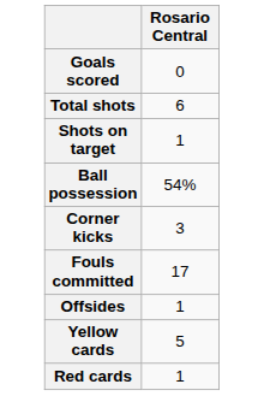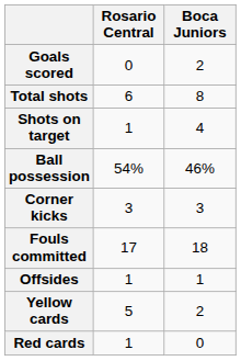 <table class="wikitable" style="text-align: center; margin: 0 auto;">
 <tr>
 <th scope="col" style="width:70px"></th>
 <th scope="col" style="width:70px">Rosario Central</th>
+<th scope="col" style="width:70px">Boca Juniors</th>
 </tr>
 <tr>
 <th scope=row>Goals scored</th>
 <td>0</td>
+<td>2</td>
 </tr>
 <tr>
 <th scope=row>Total shots</th>
 <td>6</td>
+<td>8</td>
 </tr>
 <tr>
 <th scope=row>Shots on target</th>
 <td>1</td>
+<td>4</td>
 </tr>
 <tr>
 <th scope=row>Ball possession</th>
 <td>54%</td>
+<td>46%</td>
 </tr>
 <tr>
 <th scope=row>Corner kicks</th>
+<td>3</td>
 <td>3</td>
 </tr>
 <tr>
 <th scope=row>Fouls committed</th>
 <td>17</td>
+<td>18</td>
 </tr>
 <tr>
 <th scope=row>Offsides</th>
+<td>1</td>
 <td>1</td>
 </tr>
 <tr>
 <th scope=row>Yellow cards</th>
 <td>5</td>
+<td>2</td>
 </tr>
 <tr>
 <th scope=row>Red cards</th>
 <td>1</td>
+<td>0</td>
 </tr>
 </table>
